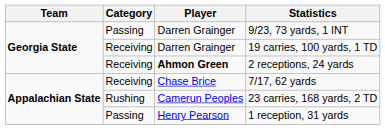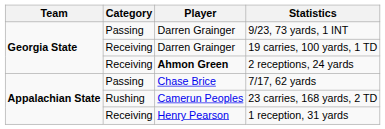 <table class="wikitable" style="float: right;">
 <tr>
 <th>Team</th>
 <th>Category</th>
 <th>Player</th>
 <th>Statistics</th>
 </tr>
 <tr>
 <td rowspan=3><strong>Georgia State</strong></td>
 <td>Passing</td>
 <td>Darren Grainger</td>
 <td>9/23, 73 yards, 1 INT</td>
 </tr>
 <tr>
 <td>Receiving</td>
 <td>Darren Grainger</td>
 <td>19 carries, 100 yards, 1 TD</td>
 </tr>
 <tr>
 <td>Receiving</td>
 <td><strong>Ahmon Green</strong></td>
 <td>2 receptions, 24 yards</td>
 </tr>
 <tr>
 <td rowspan=3><strong>Appalachian State</strong></td>
-<td>Receiving</td>
+<td>Passing</td>
 <td><a href='#'>Chase Brice</a></td>
 <td>7/17, 62 yards</td>
 </tr>
 <tr>
 <td>Rushing</td>
 <td><a href='#'>Camerun Peoples</a></td>
 <td>23 carries, 168 yards, 2 TD</td>
 </tr>
 <tr>
-<td>Passing</td>
+<td>Receiving</td>
 <td><a href='#'>Henry Pearson</a></td>
 <td>1 reception, 31 yards</td>
 </tr>
 </table>
